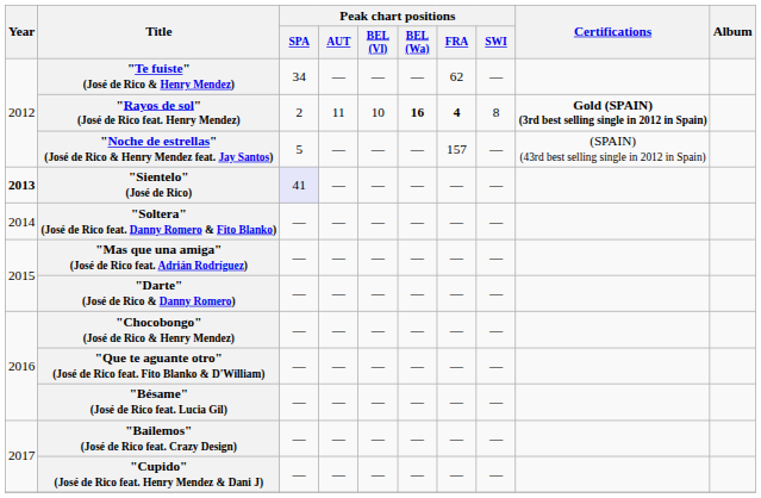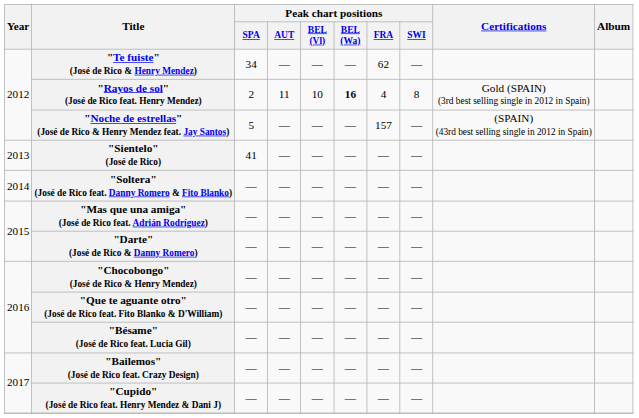 <table class="wikitable plainrowheaders" style="text-align:center;">
 <tr>
 <th scope="col" rowspan="2">Year</th>
 <th scope="col" rowspan="2">Title</th>
 <th scope="col" colspan="6">Peak chart positions</th>
 <th scope="col" rowspan="2"><a href='#'>Certifications</a></th>
 <th scope="col" rowspan="2">Album</th>
 </tr>
 <tr>
 <th scope="col" style="width:3em;font-size:85%;"><a href='#'>SPA</a><br></th>
 <th scope="col" style="width:3em;font-size:85%;"><a href='#'>AUT</a><br></th>
 <th scope="col" style="width:3em;font-size:85%;"><a href='#'>BEL <br>(Vl)</a><br></th>
 <th scope="col" style="width:3em;font-size:85%;"><a href='#'>BEL <br>(Wa)</a><br></th>
 <th scope="col" style="width:3em;font-size:85%;"><a href='#'>FRA</a><br></th>
 <th scope="col" style="width:3em;font-size:85%;"><a href='#'>SWI</a><br></th>
 </tr>
 <tr>
 <td rowspan="3">2012</td>
 <th scope="row">"<a href='#'>Te fuiste</a>" <br><small>(José de Rico & <a href='#'>Henry Mendez</a>)</small></th>
 <td>34</td>
 <td>—</td>
 <td>—</td>
 <td>—</td>
 <td>62</td>
 <td>—</td>
 <td></td>
 <td></td>
 </tr>
 <tr>
 <th scope="row">"<a href='#'>Rayos de sol</a>" <br><small>(José de Rico feat. Henry Mendez)</small></th>
 <td>2</td>
 <td>11</td>
 <td>10</td>
 <td><strong>16</strong></td>
-<td><strong>4</strong></td>
+<td>4</td>
 <td>8</td>
-<td><strong>Gold (SPAIN) <br><small>(3rd best selling single in 2012 in Spain)</small></strong></td>
+<td>Gold (SPAIN) <br><small>(3rd best selling single in 2012 in Spain)</small></td>
 <td></td>
 </tr>
 <tr>
 <th scope="row">"<a href='#'>Noche de estrellas</a>" <br><small>(José de Rico & Henry Mendez feat. <a href='#'>Jay Santos</a>)</small></th>
 <td>5</td>
 <td>—</td>
 <td>—</td>
 <td>—</td>
 <td>157</td>
 <td>—</td>
 <td>(SPAIN) <br><small>(43rd best selling single in 2012 in Spain)</small></td>
 <td></td>
 </tr>
 <tr>
-<td><strong>2013</strong></td>
+<td>2013</td>
 <th scope="row">"Sientelo" <br><small>(José de Rico)</small></th>
-<td style="background: lavender;">41</td>
+<td>41</td>
 <td>—</td>
 <td>—</td>
 <td>—</td>
 <td>—</td>
 <td>—</td>
 <td></td>
 <td></td>
 </tr>
 <tr>
 <td rowspan=1>2014</td>
 <th scope="row">"Soltera" <br><small>(José de Rico feat. <a href='#'>Danny Romero</a> & <a href='#'>Fito Blanko</a>)</small></th>
 <td>—</td>
 <td>—</td>
 <td>—</td>
 <td>—</td>
 <td>—</td>
 <td>—</td>
 <td></td>
 <td></td>
 </tr>
 <tr>
 <td rowspan=2>2015</td>
 <th scope="row">"Mas que una amiga" <br><small>(José de Rico feat. <a href='#'>Adrián Rodríguez</a>)</small></th>
 <td>—</td>
 <td>—</td>
 <td>—</td>
 <td>—</td>
 <td>—</td>
 <td>—</td>
 <td></td>
 <td></td>
 </tr>
 <tr>
 <th scope="row">"Darte" <br><small>(José de Rico & <a href='#'>Danny Romero</a>)</small></th>
 <td>—</td>
 <td>—</td>
 <td>—</td>
 <td>—</td>
 <td>—</td>
 <td>—</td>
 <td></td>
 <td></td>
 </tr>
 <tr>
 <td rowspan=3>2016</td>
 <th scope="row">"Chocobongo" <br><small>(José de Rico & Henry Mendez)</small></th>
 <td>—</td>
 <td>—</td>
 <td>—</td>
 <td>—</td>
 <td>—</td>
 <td>—</td>
 <td></td>
 <td></td>
 </tr>
 <tr>
 <th scope="row">"Que te aguante otro" <br><small>(José de Rico feat. Fito Blanko & D'William)</small></th>
 <td>—</td>
 <td>—</td>
 <td>—</td>
 <td>—</td>
 <td>—</td>
 <td>—</td>
 <td></td>
 <td></td>
 </tr>
 <tr>
 <th scope="row">"Bésame" <br><small>(José de Rico feat. Lucia Gil)</small></th>
 <td>—</td>
 <td>—</td>
 <td>—</td>
 <td>—</td>
 <td>—</td>
 <td>—</td>
 <td></td>
 <td></td>
 </tr>
 <tr>
 <td rowspan=2>2017</td>
 <th scope="row">"Bailemos" <br><small>(José de Rico feat. Crazy Design)</small></th>
 <td>—</td>
 <td>—</td>
 <td>—</td>
 <td>—</td>
 <td>—</td>
 <td>—</td>
 <td></td>
 <td></td>
 </tr>
 <tr>
 <th scope="row">"Cupido" <br><small>(José de Rico feat. Henry Mendez & Dani J)</small></th>
 <td>—</td>
 <td>—</td>
 <td>—</td>
 <td>—</td>
 <td>—</td>
 <td>—</td>
 <td></td>
 <td></td>
 </tr>
 <tr>
 </tr>
 </table>
